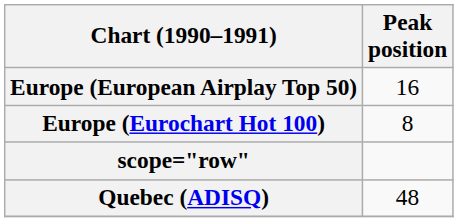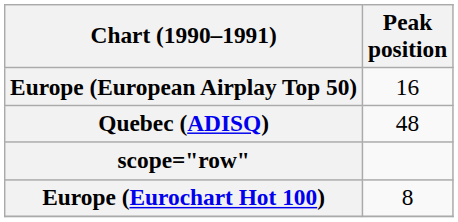 <table class="wikitable sortable plainrowheaders">
 <tr>
 <th>Chart (1990–1991)</th>
 <th>Peak<br>position</th>
 </tr>
 <tr>
 <th scope="row">Europe (European Airplay Top 50)</th>
 <td align="center">16</td>
 </tr>
 <tr>
-<th scope="row">Europe (<a href='#'>Eurochart Hot 100</a>)</th>
-<td align="center">8</td>
+<th scope="row">Quebec (<a href='#'>ADISQ</a>)</th>
+<td align="center">48</td>
 </tr>
 <tr>
 <th>scope="row"</th>
 </tr>
 <tr>
-<th scope="row">Quebec (<a href='#'>ADISQ</a>)</th>
-<td align="center">48</td>
+<th scope="row">Europe (<a href='#'>Eurochart Hot 100</a>)</th>
+<td align="center">8</td>
 </tr>
 <tr>
 </tr>
 </table>
